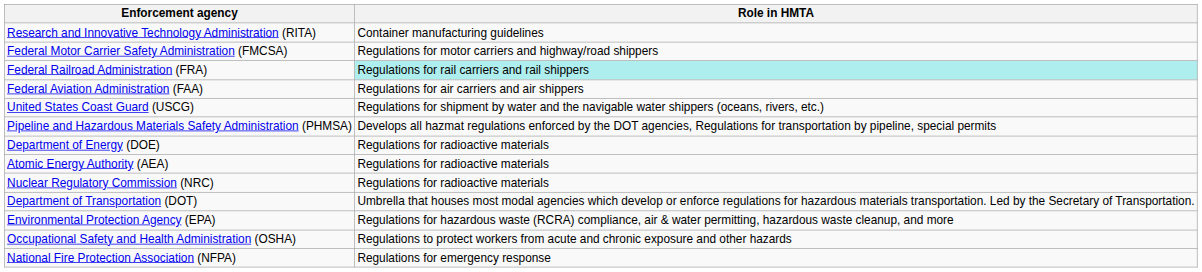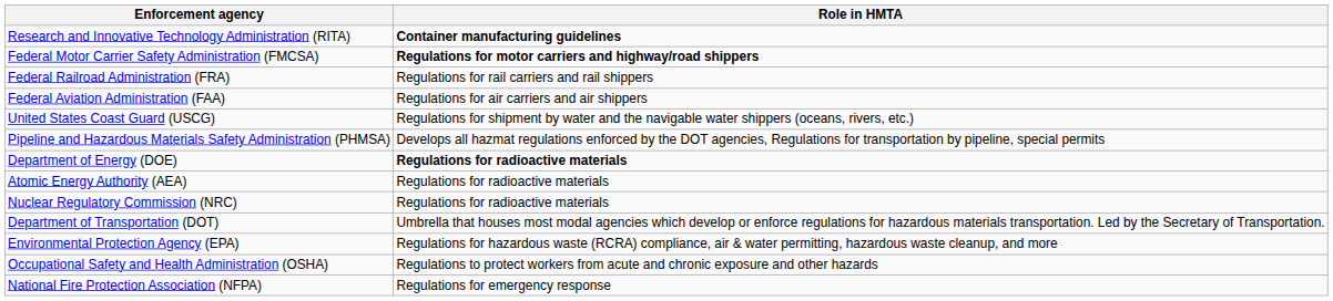 <table class="wikitable">
 <tr>
 <th>Enforcement agency</th>
 <th>Role in HMTA</th>
 </tr>
 <tr>
 <td><a href='#'>Research and Innovative Technology Administration</a> (RITA)</td>
-<td>Container manufacturing guidelines</td>
+<td><strong>Container manufacturing guidelines</strong></td>
 </tr>
 <tr>
 <td><a href='#'>Federal Motor Carrier Safety Administration</a> (FMCSA)</td>
-<td>Regulations for motor carriers and highway/road shippers</td>
+<td><strong>Regulations for motor carriers and highway/road shippers</strong></td>
 </tr>
 <tr>
 <td><a href='#'>Federal Railroad Administration</a> (FRA)</td>
-<td style="background: paleturquoise;">Regulations for rail carriers and rail shippers</td>
+<td>Regulations for rail carriers and rail shippers</td>
 </tr>
 <tr>
 <td><a href='#'>Federal Aviation Administration</a> (FAA)</td>
 <td>Regulations for air carriers and air shippers</td>
 </tr>
 <tr>
 <td><a href='#'>United States Coast Guard</a> (USCG)</td>
 <td>Regulations for shipment by water and the navigable water shippers (oceans, rivers, etc.)</td>
 </tr>
 <tr>
 <td><a href='#'>Pipeline and Hazardous Materials Safety Administration</a> (PHMSA)</td>
 <td>Develops all hazmat regulations enforced by the DOT agencies, Regulations for transportation by pipeline, special permits</td>
 </tr>
 <tr>
 <td><a href='#'>Department of Energy</a> (DOE)</td>
-<td>Regulations for radioactive materials</td>
+<td><strong>Regulations for radioactive materials</strong></td>
 </tr>
 <tr>
 <td><a href='#'>Atomic Energy Authority</a> (AEA)</td>
 <td>Regulations for radioactive materials</td>
 </tr>
 <tr>
 <td><a href='#'>Nuclear Regulatory Commission</a> (NRC)</td>
 <td>Regulations for radioactive materials</td>
 </tr>
 <tr>
 <td><a href='#'>Department of Transportation</a> (DOT)</td>
 <td>Umbrella that houses most modal agencies which develop or enforce regulations for hazardous materials transportation. Led by the Secretary of Transportation.</td>
 </tr>
 <tr>
 <td><a href='#'>Environmental Protection Agency</a> (EPA)</td>
 <td>Regulations for hazardous waste (RCRA) compliance, air & water permitting, hazardous waste cleanup, and more</td>
 </tr>
 <tr>
 <td><a href='#'>Occupational Safety and Health Administration</a> (OSHA)</td>
 <td>Regulations to protect workers from acute and chronic exposure and other hazards</td>
 </tr>
 <tr>
 <td><a href='#'>National Fire Protection Association</a> (NFPA)</td>
 <td>Regulations for emergency response</td>
 </tr>
 </table>
